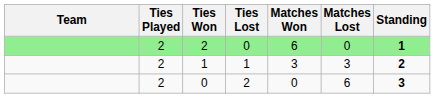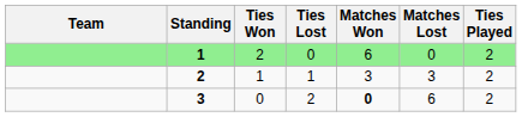 <table class=wikitable style="text-align:center">
 <tr>
 <th width=175>Team</th>
-<th width=50>Ties Played</th>
+<th width=50>Standing</th>
 <th width=50>Ties Won</th>
 <th width=50>Ties Lost</th>
 <th width=50>Matches Won</th>
 <th width=50>Matches Lost</th>
-<th width=50>Standing</th>
+<th width=50>Ties Played</th>
 </tr>
 <tr bgcolor=lightgreen>
 <td style="text-align:left"></td>
-<td>2</td>
+<td><strong>1</strong></td>
 <td>2</td>
 <td>0</td>
 <td>6</td>
 <td>0</td>
-<td><strong>1</strong></td>
+<td>2</td>
 </tr>
 <tr>
 <td style="text-align:left"></td>
-<td>2</td>
+<td><strong>2</strong></td>
 <td>1</td>
 <td>1</td>
 <td>3</td>
 <td>3</td>
-<td><strong>2</strong></td>
+<td>2</td>
 </tr>
 <tr>
 <td style="text-align:left"></td>
-<td>2</td>
+<td><strong>3</strong></td>
 <td>0</td>
 <td>2</td>
-<td>0</td>
+<td><strong>0</strong></td>
 <td>6</td>
-<td><strong>3</strong></td>
+<td>2</td>
 </tr>
 </table>
